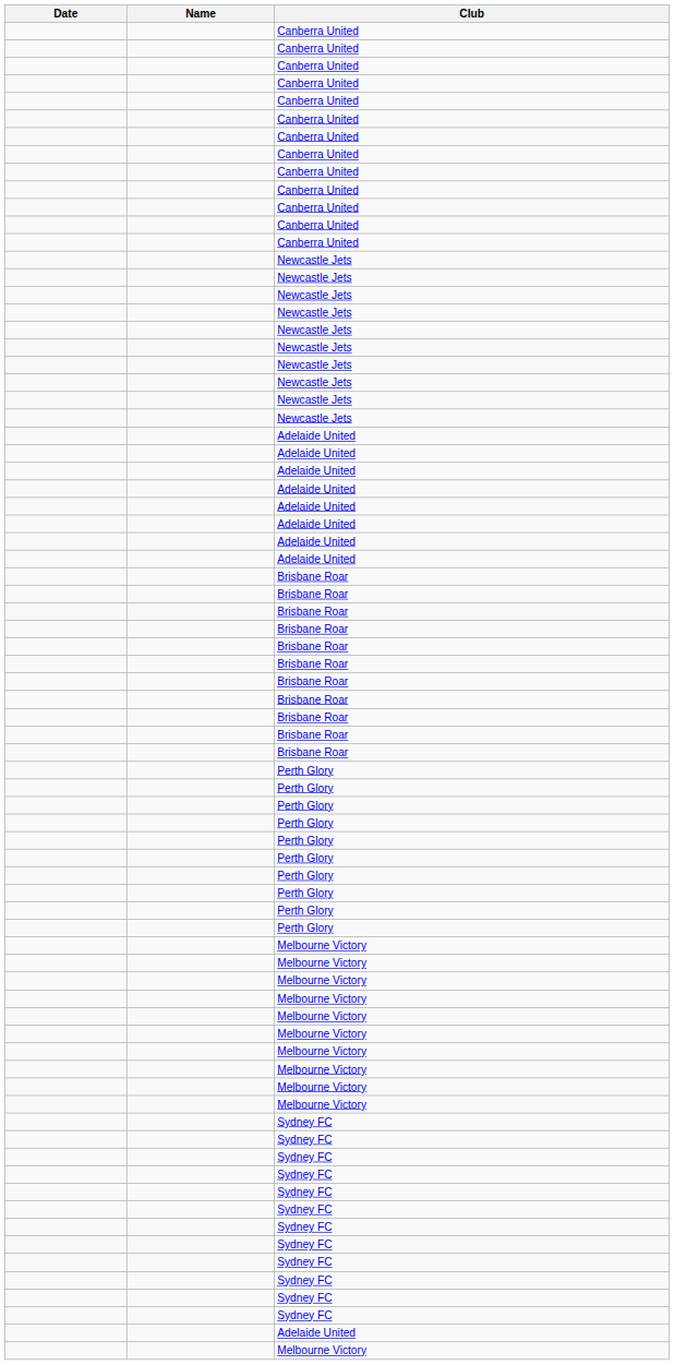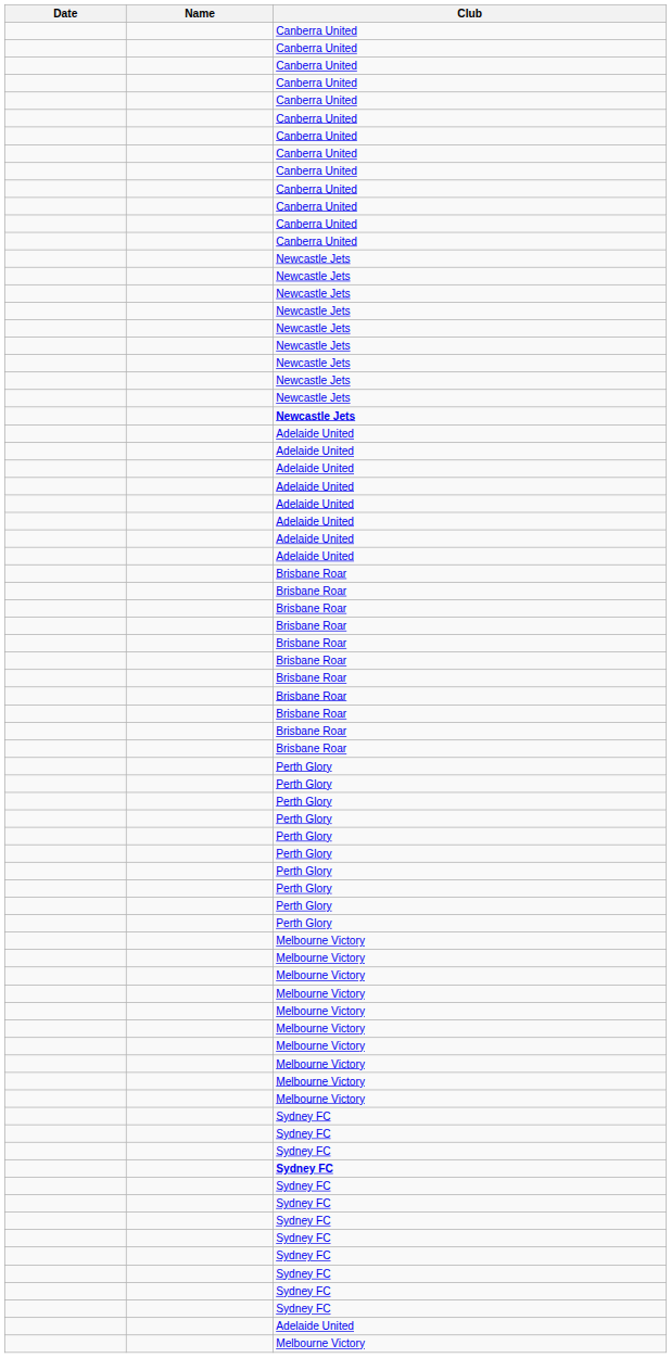 <table class="wikitable sortable" style="width:72%; font-size:95%; ">
 <tr>
 <th>Date</th>
 <th>Name</th>
 <th>Club</th>
 </tr>
 <tr>
 <td></td>
 <td></td>
 <td><a href='#'>Canberra United</a></td>
 </tr>
 <tr>
 <td></td>
 <td></td>
 <td><a href='#'>Canberra United</a></td>
 </tr>
 <tr>
 <td></td>
 <td></td>
 <td><a href='#'>Canberra United</a></td>
 </tr>
 <tr>
 <td></td>
 <td></td>
 <td><a href='#'>Canberra United</a></td>
 </tr>
 <tr>
 <td></td>
 <td></td>
 <td><a href='#'>Canberra United</a></td>
 </tr>
 <tr>
 <td></td>
 <td></td>
 <td><a href='#'>Canberra United</a></td>
 </tr>
 <tr>
 <td></td>
 <td></td>
 <td><a href='#'>Canberra United</a></td>
 </tr>
 <tr>
 <td></td>
 <td></td>
 <td><a href='#'>Canberra United</a></td>
 </tr>
 <tr>
 <td></td>
 <td></td>
 <td><a href='#'>Canberra United</a></td>
 </tr>
 <tr>
 <td></td>
 <td></td>
 <td><a href='#'>Canberra United</a></td>
 </tr>
 <tr>
 <td></td>
 <td></td>
 <td><a href='#'>Canberra United</a></td>
 </tr>
 <tr>
 <td></td>
 <td></td>
 <td><a href='#'>Canberra United</a></td>
 </tr>
 <tr>
 <td></td>
 <td></td>
 <td><a href='#'>Canberra United</a></td>
 </tr>
 <tr>
 <td></td>
 <td></td>
 <td><a href='#'>Newcastle Jets</a></td>
 </tr>
 <tr>
 <td></td>
 <td></td>
 <td><a href='#'>Newcastle Jets</a></td>
 </tr>
 <tr>
 <td></td>
 <td></td>
 <td><a href='#'>Newcastle Jets</a></td>
 </tr>
 <tr>
 <td></td>
 <td></td>
 <td><a href='#'>Newcastle Jets</a></td>
 </tr>
 <tr>
 <td></td>
 <td></td>
 <td><a href='#'>Newcastle Jets</a></td>
 </tr>
 <tr>
 <td></td>
 <td></td>
 <td><a href='#'>Newcastle Jets</a></td>
 </tr>
 <tr>
 <td></td>
 <td></td>
 <td><a href='#'>Newcastle Jets</a></td>
 </tr>
 <tr>
 <td></td>
 <td></td>
 <td><a href='#'>Newcastle Jets</a></td>
 </tr>
 <tr>
 <td></td>
 <td></td>
 <td><a href='#'>Newcastle Jets</a></td>
 </tr>
 <tr>
 <td></td>
 <td></td>
-<td><a href='#'>Newcastle Jets</a></td>
+<td><strong><a href='#'>Newcastle Jets</a></strong></td>
 </tr>
 <tr>
 <td></td>
 <td></td>
 <td><a href='#'>Adelaide United</a></td>
 </tr>
 <tr>
 <td></td>
 <td></td>
 <td><a href='#'>Adelaide United</a></td>
 </tr>
 <tr>
 <td></td>
 <td></td>
 <td><a href='#'>Adelaide United</a></td>
 </tr>
 <tr>
 <td></td>
 <td></td>
 <td><a href='#'>Adelaide United</a></td>
 </tr>
 <tr>
 <td></td>
 <td></td>
 <td><a href='#'>Adelaide United</a></td>
 </tr>
 <tr>
 <td></td>
 <td></td>
 <td><a href='#'>Adelaide United</a></td>
 </tr>
 <tr>
 <td></td>
 <td></td>
 <td><a href='#'>Adelaide United</a></td>
 </tr>
 <tr>
 <td></td>
 <td></td>
 <td><a href='#'>Adelaide United</a></td>
 </tr>
 <tr>
 <td></td>
 <td></td>
 <td><a href='#'>Brisbane Roar</a></td>
 </tr>
 <tr>
 <td></td>
 <td></td>
 <td><a href='#'>Brisbane Roar</a></td>
 </tr>
 <tr>
 <td></td>
 <td></td>
 <td><a href='#'>Brisbane Roar</a></td>
 </tr>
 <tr>
 <td></td>
 <td></td>
 <td><a href='#'>Brisbane Roar</a></td>
 </tr>
 <tr>
 <td></td>
 <td></td>
 <td><a href='#'>Brisbane Roar</a></td>
 </tr>
 <tr>
 <td></td>
 <td></td>
 <td><a href='#'>Brisbane Roar</a></td>
 </tr>
 <tr>
 <td></td>
 <td></td>
 <td><a href='#'>Brisbane Roar</a></td>
 </tr>
 <tr>
 <td></td>
 <td></td>
 <td><a href='#'>Brisbane Roar</a></td>
 </tr>
 <tr>
 <td></td>
 <td></td>
 <td><a href='#'>Brisbane Roar</a></td>
 </tr>
 <tr>
 <td></td>
 <td></td>
 <td><a href='#'>Brisbane Roar</a></td>
 </tr>
 <tr>
 <td></td>
 <td></td>
 <td><a href='#'>Brisbane Roar</a></td>
 </tr>
 <tr>
 <td></td>
 <td></td>
 <td><a href='#'>Perth Glory</a></td>
 </tr>
 <tr>
 <td></td>
 <td></td>
 <td><a href='#'>Perth Glory</a></td>
 </tr>
 <tr>
 <td></td>
 <td></td>
 <td><a href='#'>Perth Glory</a></td>
 </tr>
 <tr>
 <td></td>
 <td></td>
 <td><a href='#'>Perth Glory</a></td>
 </tr>
 <tr>
 <td></td>
 <td></td>
 <td><a href='#'>Perth Glory</a></td>
 </tr>
 <tr>
 <td></td>
 <td></td>
 <td><a href='#'>Perth Glory</a></td>
 </tr>
 <tr>
 <td></td>
 <td></td>
 <td><a href='#'>Perth Glory</a></td>
 </tr>
 <tr>
 <td></td>
 <td></td>
 <td><a href='#'>Perth Glory</a></td>
 </tr>
 <tr>
 <td></td>
 <td></td>
 <td><a href='#'>Perth Glory</a></td>
 </tr>
 <tr>
 <td></td>
 <td></td>
 <td><a href='#'>Perth Glory</a></td>
 </tr>
 <tr>
 <td></td>
 <td></td>
 <td><a href='#'>Melbourne Victory</a></td>
 </tr>
 <tr>
 <td></td>
 <td></td>
 <td><a href='#'>Melbourne Victory</a></td>
 </tr>
 <tr>
 <td></td>
 <td></td>
 <td><a href='#'>Melbourne Victory</a></td>
 </tr>
 <tr>
 <td></td>
 <td></td>
 <td><a href='#'>Melbourne Victory</a></td>
 </tr>
 <tr>
 <td></td>
 <td></td>
 <td><a href='#'>Melbourne Victory</a></td>
 </tr>
 <tr>
 <td></td>
 <td></td>
 <td><a href='#'>Melbourne Victory</a></td>
 </tr>
 <tr>
 <td></td>
 <td></td>
 <td><a href='#'>Melbourne Victory</a></td>
 </tr>
 <tr>
 <td></td>
 <td></td>
 <td><a href='#'>Melbourne Victory</a></td>
 </tr>
 <tr>
 <td></td>
 <td></td>
 <td><a href='#'>Melbourne Victory</a></td>
 </tr>
 <tr>
 <td></td>
 <td></td>
 <td><a href='#'>Melbourne Victory</a></td>
 </tr>
 <tr>
 <td></td>
 <td></td>
 <td><a href='#'>Sydney FC</a></td>
 </tr>
 <tr>
 <td></td>
 <td></td>
 <td><a href='#'>Sydney FC</a></td>
 </tr>
 <tr>
 <td></td>
 <td></td>
 <td><a href='#'>Sydney FC</a></td>
 </tr>
 <tr>
 <td></td>
 <td></td>
-<td><a href='#'>Sydney FC</a></td>
+<td><strong><a href='#'>Sydney FC</a></strong></td>
 </tr>
 <tr>
 <td></td>
 <td></td>
 <td><a href='#'>Sydney FC</a></td>
 </tr>
 <tr>
 <td></td>
 <td></td>
 <td><a href='#'>Sydney FC</a></td>
 </tr>
 <tr>
 <td></td>
 <td></td>
 <td><a href='#'>Sydney FC</a></td>
 </tr>
 <tr>
 <td></td>
 <td></td>
 <td><a href='#'>Sydney FC</a></td>
 </tr>
 <tr>
 <td></td>
 <td></td>
 <td><a href='#'>Sydney FC</a></td>
 </tr>
 <tr>
 <td></td>
 <td></td>
 <td><a href='#'>Sydney FC</a></td>
 </tr>
 <tr>
 <td></td>
 <td></td>
 <td><a href='#'>Sydney FC</a></td>
 </tr>
 <tr>
 <td></td>
 <td></td>
 <td><a href='#'>Sydney FC</a></td>
 </tr>
 <tr>
 <td></td>
 <td></td>
 <td><a href='#'>Adelaide United</a></td>
 </tr>
 <tr>
 <td></td>
 <td></td>
 <td><a href='#'>Melbourne Victory</a></td>
 </tr>
 </table>
